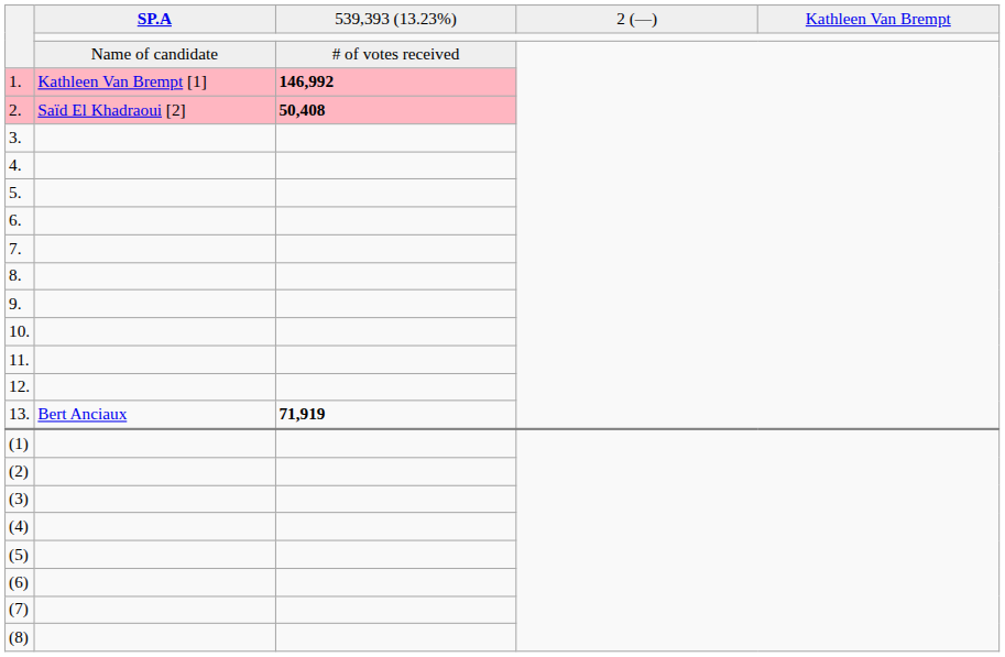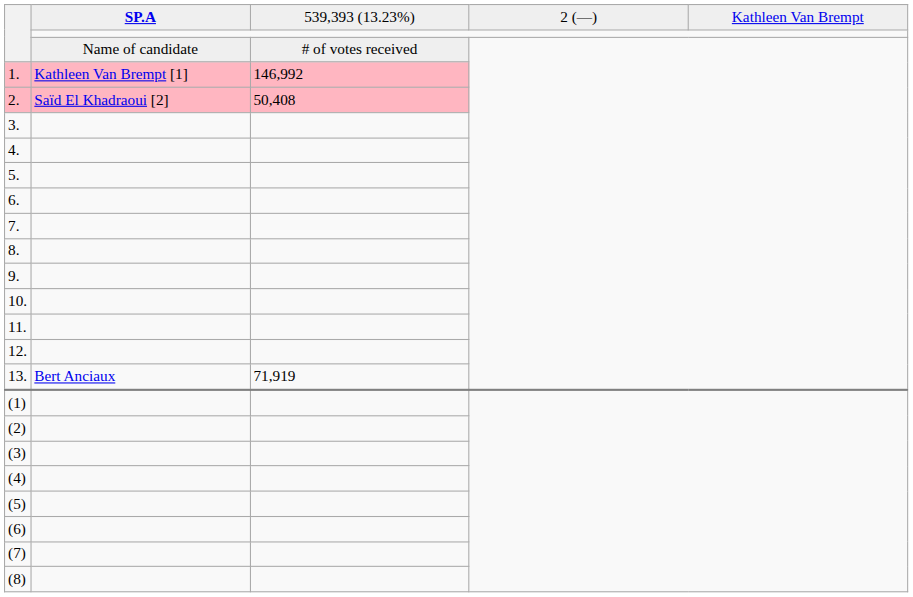 <table class="wikitable collapsible collapsed" style=text-align:left;font-size:90%>
 <tr>
 <th rowspan=3></th>
 <td bgcolor=efefef width=200 align=center><strong> <a href='#'>SP.A</a> </strong></td>
 <td bgcolor=efefef width=200 align=center>539,393 (13.23%)</td>
 <td bgcolor=efefef width=200 align=center>2 (—)</td>
 <td bgcolor=efefef width=200 align=center><a href='#'>Kathleen Van Brempt</a></td>
 </tr>
 <tr>
 <td colspan=4 bgcolor=></td>
 </tr>
 <tr>
 <td bgcolor=efefef align=center>Name of candidate</td>
 <td bgcolor=efefef align=center># of votes received</td>
 </tr>
 <tr bgcolor="lightpink">
 <td>1.</td>
 <td><a href='#'>Kathleen Van Brempt</a> [1]</td>
-<td><strong>146,992</strong></td>
+<td>146,992</td>
 </tr>
 <tr bgcolor="lightpink">
 <td>2.</td>
 <td bgcolor="lightpink"><a href='#'>Saïd El Khadraoui</a> [2]</td>
-<td><strong>50,408</strong></td>
+<td>50,408</td>
 </tr>
 <tr>
 <td>3.</td>
 <td></td>
 <td></td>
 </tr>
 <tr>
 <td>4.</td>
 <td></td>
 <td></td>
 </tr>
 <tr>
 <td>5.</td>
 <td></td>
 <td></td>
 </tr>
 <tr>
 <td>6.</td>
 <td></td>
 <td></td>
 </tr>
 <tr>
 <td>7.</td>
 <td></td>
 <td></td>
 </tr>
 <tr>
 <td>8.</td>
 <td></td>
 <td></td>
 </tr>
 <tr>
 <td>9.</td>
 <td></td>
 <td></td>
 </tr>
 <tr>
 <td>10.</td>
 <td></td>
 <td></td>
 </tr>
 <tr>
 <td>11.</td>
 <td></td>
 <td></td>
 </tr>
 <tr>
 <td>12.</td>
 <td></td>
 <td></td>
 </tr>
 <tr>
 <td>13.</td>
 <td><a href='#'>Bert Anciaux</a></td>
-<td><strong>71,919</strong></td>
+<td>71,919</td>
 </tr>
 <tr style="border-top:2px solid gray;">
 <td>(1)</td>
 <td></td>
 <td></td>
 </tr>
 <tr>
 <td>(2)</td>
 <td></td>
 <td></td>
 </tr>
 <tr>
 <td>(3)</td>
 <td></td>
 <td></td>
 </tr>
 <tr>
 <td>(4)</td>
 <td></td>
 <td></td>
 </tr>
 <tr>
 <td>(5)</td>
 <td></td>
 <td></td>
 </tr>
 <tr>
 <td>(6)</td>
 <td></td>
 <td></td>
 </tr>
 <tr>
 <td>(7)</td>
 <td></td>
 <td></td>
 </tr>
 <tr>
 <td>(8)</td>
 <td></td>
 <td></td>
 </tr>
 </table>
